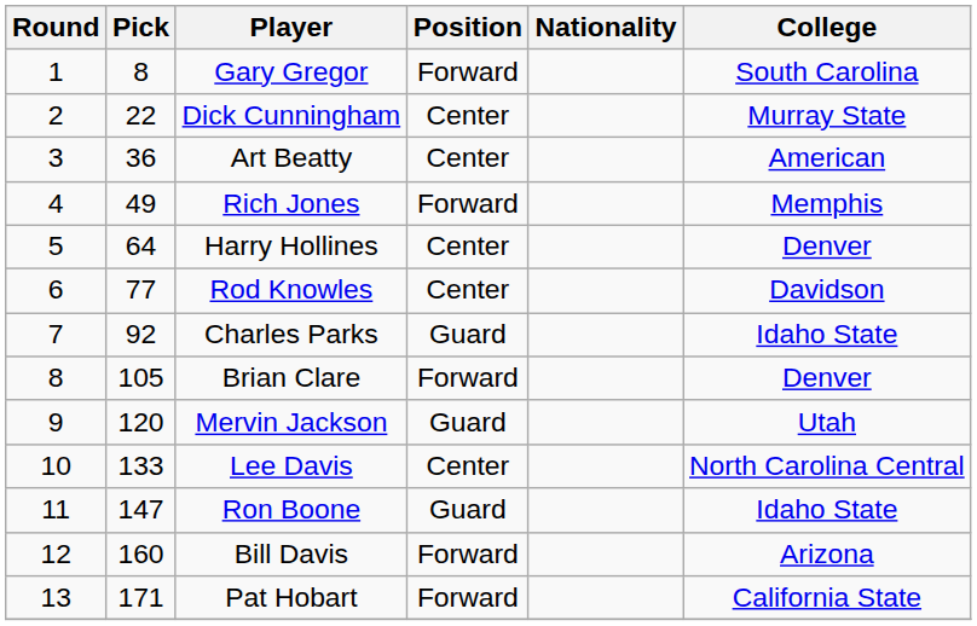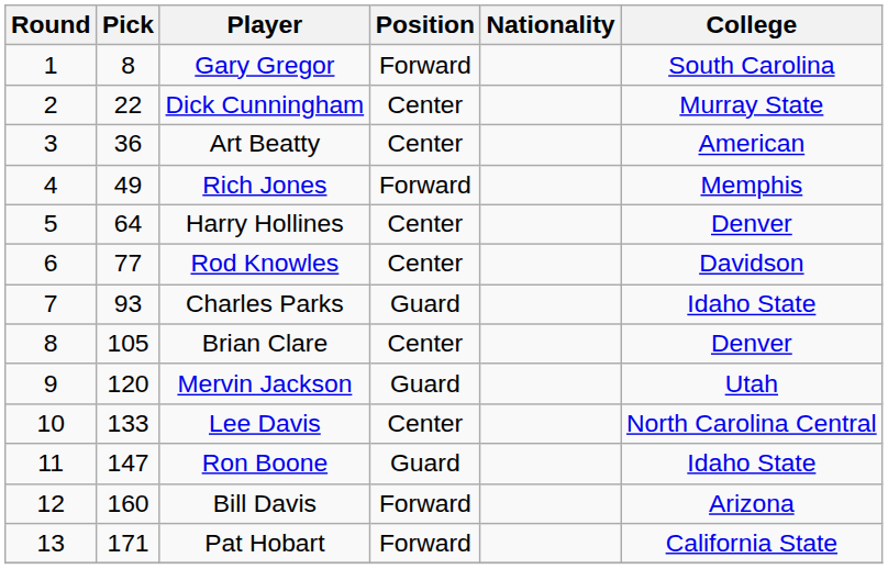 <table class="wikitable">
 <tr>
 <th>Round</th>
 <th>Pick</th>
 <th>Player</th>
 <th>Position</th>
 <th>Nationality</th>
 <th>College</th>
 </tr>
 <tr style="text-align: center">
 <td>1</td>
 <td>8</td>
 <td><a href='#'>Gary Gregor</a></td>
 <td>Forward</td>
 <td></td>
 <td><a href='#'>South Carolina</a></td>
 </tr>
 <tr style="text-align: center">
 <td>2</td>
 <td>22</td>
 <td><a href='#'>Dick Cunningham</a></td>
 <td>Center</td>
 <td></td>
 <td><a href='#'>Murray State</a></td>
 </tr>
 <tr style="text-align: center">
 <td>3</td>
 <td>36</td>
 <td>Art Beatty</td>
 <td>Center</td>
 <td></td>
 <td><a href='#'>American</a></td>
 </tr>
 <tr style="text-align: center">
 <td>4</td>
 <td>49</td>
 <td><a href='#'>Rich Jones</a></td>
 <td>Forward</td>
 <td></td>
 <td><a href='#'>Memphis</a></td>
 </tr>
 <tr style="text-align: center">
 <td>5</td>
 <td>64</td>
 <td>Harry Hollines</td>
 <td>Center</td>
 <td></td>
 <td><a href='#'>Denver</a></td>
 </tr>
 <tr style="text-align: center">
 <td>6</td>
 <td>77</td>
 <td><a href='#'>Rod Knowles</a></td>
 <td>Center</td>
 <td></td>
 <td><a href='#'>Davidson</a></td>
 </tr>
 <tr style="text-align: center">
 <td>7</td>
-<td>92</td>
+<td>93</td>
 <td>Charles Parks</td>
 <td>Guard</td>
 <td></td>
 <td><a href='#'>Idaho State</a></td>
 </tr>
 <tr style="text-align: center">
 <td>8</td>
 <td>105</td>
 <td>Brian Clare</td>
-<td>Forward</td>
+<td>Center</td>
 <td></td>
 <td><a href='#'>Denver</a></td>
 </tr>
 <tr style="text-align: center">
 <td>9</td>
 <td>120</td>
 <td><a href='#'>Mervin Jackson</a></td>
 <td>Guard</td>
 <td></td>
 <td><a href='#'>Utah</a></td>
 </tr>
 <tr style="text-align: center">
 <td>10</td>
 <td>133</td>
 <td><a href='#'>Lee Davis</a></td>
 <td>Center</td>
 <td></td>
 <td><a href='#'>North Carolina Central</a></td>
 </tr>
 <tr style="text-align: center">
 <td>11</td>
 <td>147</td>
 <td><a href='#'>Ron Boone</a></td>
 <td>Guard</td>
 <td></td>
 <td><a href='#'>Idaho State</a></td>
 </tr>
 <tr style="text-align: center">
 <td>12</td>
 <td>160</td>
 <td>Bill Davis</td>
 <td>Forward</td>
 <td></td>
 <td><a href='#'>Arizona</a></td>
 </tr>
 <tr style="text-align: center">
 <td>13</td>
 <td>171</td>
 <td>Pat Hobart</td>
 <td>Forward</td>
 <td></td>
 <td><a href='#'>California State</a></td>
 </tr>
 <tr>
 </tr>
 </table>
